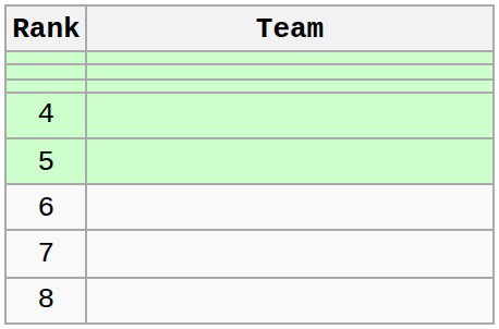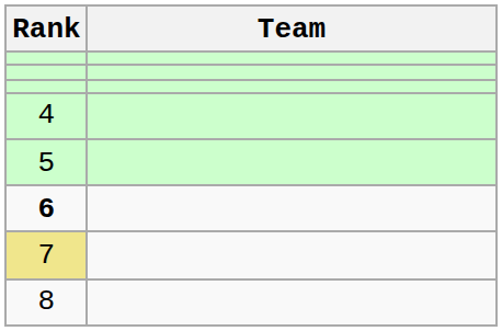 <table class=wikitable style="text-align:center;">
 <tr>
 <th>Rank</th>
 <th width=180>Team</th>
 </tr>
 <tr bgcolor=ccffcc>
 <td></td>
 <td align=left></td>
 </tr>
 <tr bgcolor=ccffcc>
 <td></td>
 <td align=left></td>
 </tr>
 <tr bgcolor=ccffcc>
 <td></td>
 <td align=left></td>
 </tr>
 <tr bgcolor=ccffcc>
 <td>4</td>
 <td align=left></td>
 </tr>
 <tr bgcolor=ccffcc>
 <td>5</td>
 <td align=left></td>
 </tr>
 <tr>
-<td>6</td>
+<td><strong>6</strong></td>
 <td align=left></td>
 </tr>
 <tr>
-<td>7</td>
+<td style="background: khaki;">7</td>
 <td align=left></td>
 </tr>
 <tr>
 <td>8</td>
 <td align=left></td>
 </tr>
 </table>
